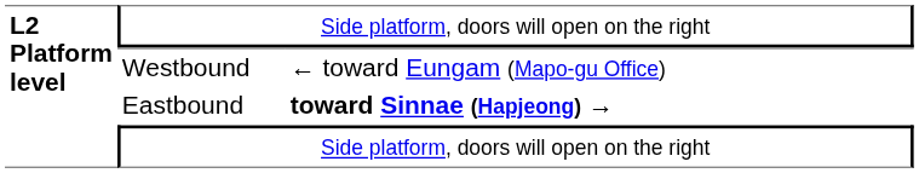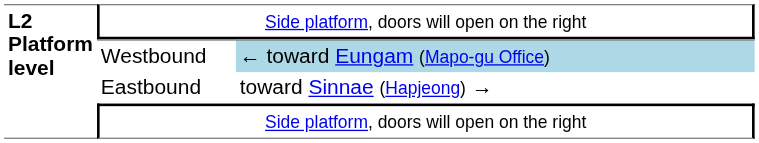 <table table border=0 cellspacing=0 cellpadding=3>
 <tr>
 <td style="border-top:solid 1px gray;border-bottom:solid 1px gray;" width=50 rowspan=10 valign=top><strong>L2<br>Platform level</strong></td>
 <td style="border-top:solid 1px gray;border-right:solid 2px black;border-left:solid 2px black;border-bottom:solid 2px black;text-align:center;" colspan=2><small><a href='#'>Side platform</a>, doors will open on the right</small></td>
 </tr>
 <tr>
 <td style="border-bottom:solid 0px gray;border-top:solid 1px gray;" width=100>Westbound</td>
-<td style="border-bottom:solid 0px gray;border-top:solid 1px gray;" width=390>←  toward <a href='#'>Eungam</a> <small>(<a href='#'>Mapo-gu Office</a>)</small></td>
+<td style="background: lightblue; border-bottom:solid 0px gray;border-top:solid 1px gray;" width=390>←  toward <a href='#'>Eungam</a> <small>(<a href='#'>Mapo-gu Office</a>)</small></td>
 </tr>
 <tr>
 <td>Eastbound</td>
-<td><strong>  toward <a href='#'>Sinnae</a> <small>(<a href='#'>Hapjeong</a>)</small> →</strong></td>
+<td>  toward <a href='#'>Sinnae</a> <small>(<a href='#'>Hapjeong</a>)</small> →</td>
 </tr>
 <tr>
 <td style="border-top:solid 2px black;border-right:solid 2px black;border-left:solid 2px black;border-bottom:solid 1px gray;text-align:center;" colspan=2><small><a href='#'>Side platform</a>, doors will open on the right </small></td>
 </tr>
 </table>
